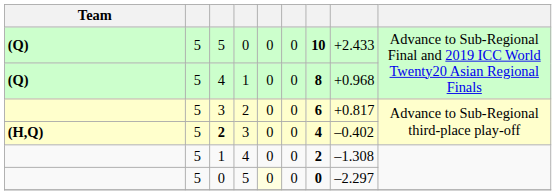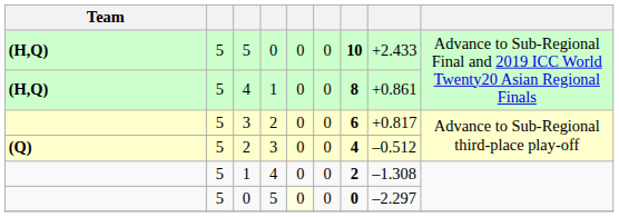 <table class="wikitable" style="text-align:center">
 <tr>
 <th width=200>Team</th>
 <th width=20></th>
 <th width=20></th>
 <th width=20></th>
 <th width=20></th>
 <th width=20></th>
 <th width=20></th>
 <th width=45></th>
 <th width=190></th>
 </tr>
 <tr style="background:#cfc;">
-<td align="left"> <strong>(Q)</strong></td>
+<td align="left"> <strong>(H,Q)</strong></td>
 <td>5</td>
 <td>5</td>
 <td>0</td>
 <td>0</td>
 <td>0</td>
 <td><strong>10</strong></td>
 <td>+2.433</td>
 <td rowspan=2>Advance to Sub-Regional Final and <a href='#'>2019 ICC World Twenty20 Asian Regional Finals</a></td>
 </tr>
 <tr style="background:#cfc;">
-<td align="left"> <strong>(Q)</strong></td>
+<td align="left"> <strong>(H,Q)</strong></td>
 <td>5</td>
 <td>4</td>
 <td>1</td>
 <td>0</td>
 <td>0</td>
 <td><strong>8</strong></td>
-<td>+0.968</td>
+<td>+0.861</td>
 </tr>
 <tr style="background:#ffc;">
 <td align="left"></td>
 <td>5</td>
 <td>3</td>
 <td>2</td>
 <td>0</td>
 <td>0</td>
 <td><strong>6</strong></td>
 <td>+0.817</td>
 <td rowspan=2>Advance to Sub-Regional third-place play-off</td>
 </tr>
 <tr style="background:#ffc;">
-<td align="left"> <strong>(H,Q)</strong></td>
+<td align="left"> <strong>(Q)</strong></td>
 <td>5</td>
-<td><strong>2</strong></td>
+<td>2</td>
 <td>3</td>
 <td>0</td>
 <td>0</td>
 <td><strong>4</strong></td>
-<td>–0.402</td>
+<td>–0.512</td>
 </tr>
 <tr>
 <td align="left"></td>
 <td>5</td>
 <td>1</td>
 <td>4</td>
 <td>0</td>
 <td>0</td>
 <td><strong>2</strong></td>
 <td>–1.308</td>
 <td rowspan=2></td>
 </tr>
 <tr>
 <td align="left"></td>
 <td>5</td>
 <td>0</td>
 <td>5</td>
 <td style="background: lightyellow;">0</td>
 <td>0</td>
 <td><strong>0</strong></td>
 <td>–2.297</td>
 </tr>
 <tr>
 </tr>
 </table>
